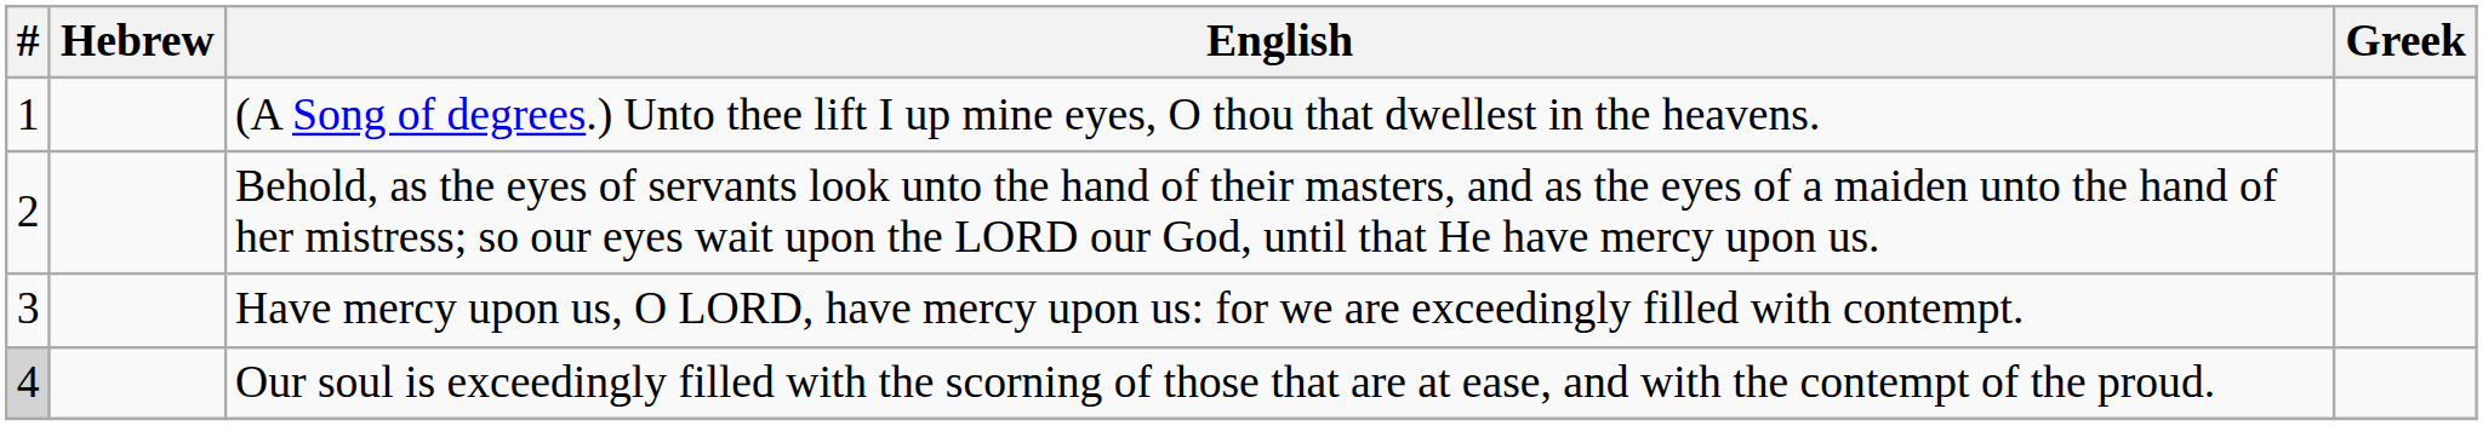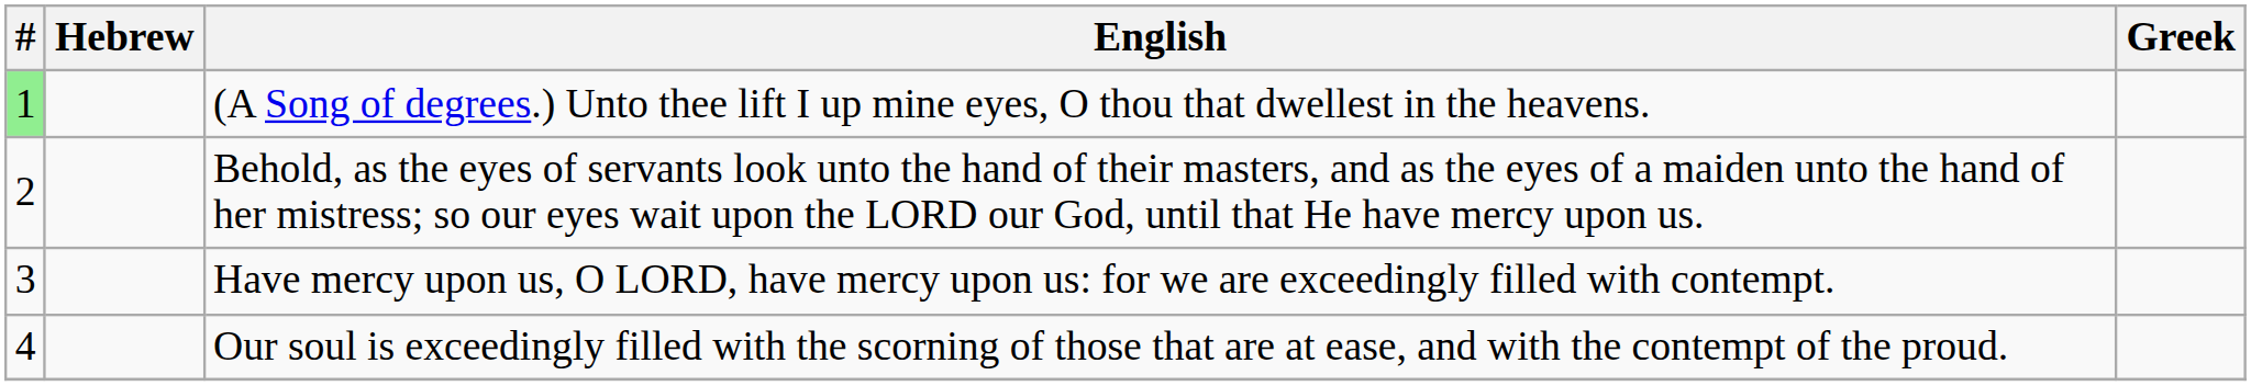 <table class=wikitable>
 <tr>
 <th>#</th>
 <th>Hebrew</th>
 <th>English</th>
 <th>Greek</th>
 </tr>
 <tr>
-<td style="text-align:right">1</td>
+<td style="background: lightgreen; text-align:right">1</td>
 <td style="text-align:right"></td>
 <td>(A <a href='#'>Song of degrees</a>.) Unto thee lift I up mine eyes, O thou that dwellest in the heavens.</td>
 <td></td>
 </tr>
 <tr>
 <td style="text-align:right">2</td>
 <td style="text-align:right"></td>
 <td>Behold, as the eyes of servants look unto the hand of their masters, and as the eyes of a maiden unto the hand of her mistress; so our eyes wait upon the LORD our God, until that He have mercy upon us.</td>
 <td></td>
 </tr>
 <tr>
 <td style="text-align:right">3</td>
 <td style="text-align:right"></td>
 <td>Have mercy upon us, O LORD, have mercy upon us: for we are exceedingly filled with contempt.</td>
 <td></td>
 </tr>
 <tr>
-<td style="background: lightgrey; text-align:right">4</td>
+<td style="text-align:right">4</td>
 <td style="text-align:right"></td>
 <td>Our soul is exceedingly filled with the scorning of those that are at ease, and with the contempt of the proud.</td>
 <td></td>
 </tr>
 <tr>
 </tr>
 </table>
